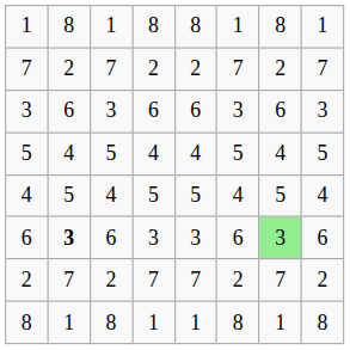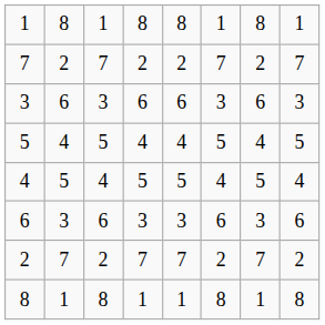 <table class="wikitable" style="margin-left:auto;margin-right:auto;text-align:center;width:16em;height:16em;table-layout:fixed;">
 <tr>
 <td>1</td>
 <td>8</td>
 <td>1</td>
 <td>8</td>
 <td>8</td>
 <td>1</td>
 <td>8</td>
 <td>1</td>
 </tr>
 <tr>
 <td>7</td>
 <td>2</td>
 <td>7</td>
 <td>2</td>
 <td>2</td>
 <td>7</td>
 <td>2</td>
 <td>7</td>
 </tr>
 <tr>
 <td>3</td>
 <td>6</td>
 <td>3</td>
 <td>6</td>
 <td>6</td>
 <td>3</td>
 <td>6</td>
 <td>3</td>
 </tr>
 <tr>
 <td>5</td>
 <td>4</td>
 <td>5</td>
 <td>4</td>
 <td>4</td>
 <td>5</td>
 <td>4</td>
 <td>5</td>
 </tr>
 <tr>
 <td>4</td>
 <td>5</td>
 <td>4</td>
 <td>5</td>
 <td>5</td>
 <td>4</td>
 <td>5</td>
 <td>4</td>
 </tr>
 <tr>
 <td>6</td>
-<td><strong>3</strong></td>
+<td>3</td>
 <td>6</td>
 <td>3</td>
 <td>3</td>
 <td>6</td>
-<td style="background: lightgreen;">3</td>
+<td>3</td>
 <td>6</td>
 </tr>
 <tr>
 <td>2</td>
 <td>7</td>
 <td>2</td>
 <td>7</td>
 <td>7</td>
 <td>2</td>
 <td>7</td>
 <td>2</td>
 </tr>
 <tr>
 <td>8</td>
 <td>1</td>
 <td>8</td>
 <td>1</td>
 <td>1</td>
 <td>8</td>
 <td>1</td>
 <td>8</td>
 </tr>
 </table>
